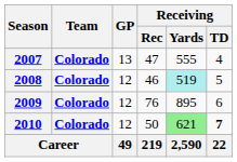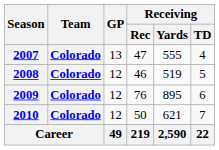 <table class="wikitable" style="text-align:center;">
 <tr>
 <th rowspan="2">Season</th>
 <th rowspan="2">Team</th>
 <th rowspan="2">GP</th>
 <th colspan="3">Receiving</th>
 </tr>
 <tr>
 <th>Rec</th>
 <th>Yards</th>
 <th>TD</th>
 </tr>
 <tr>
 <th><a href='#'>2007</a></th>
 <th><a href='#'>Colorado</a></th>
 <td>13</td>
 <td>47</td>
 <td>555</td>
 <td>4</td>
 </tr>
 <tr>
 <th><a href='#'>2008</a></th>
 <th><a href='#'>Colorado</a></th>
 <td>12</td>
 <td>46</td>
-<td style="background: paleturquoise;">519</td>
+<td>519</td>
 <td>5</td>
 </tr>
 <tr>
 <th><a href='#'>2009</a></th>
 <th><a href='#'>Colorado</a></th>
 <td>12</td>
 <td>76</td>
 <td>895</td>
 <td>6</td>
 </tr>
 <tr>
 <th><a href='#'>2010</a></th>
 <th><a href='#'>Colorado</a></th>
 <td>12</td>
 <td>50</td>
-<td style="background: lightgreen;">621</td>
-<td><strong>7</strong></td>
+<td>621</td>
+<td>7</td>
 </tr>
 <tr>
 <th colspan="2">Career</th>
 <th>49</th>
 <th>219</th>
 <th>2,590</th>
 <th>22</th>
 </tr>
 </table>
